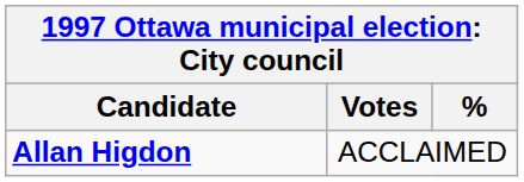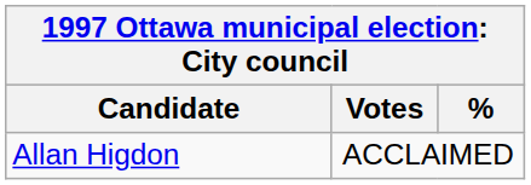 <table class="wikitable">
 <tr>
 <th colspan="3"><a href='#'>1997 Ottawa municipal election</a>: City council</th>
 </tr>
 <tr>
 <th style="width: 170px">Candidate</th>
 <th style="width: 50px">Votes</th>
 <th style="width: 40px">%</th>
 </tr>
 <tr>
-<td><strong><a href='#'>Allan Higdon</a></strong></td>
+<td><a href='#'>Allan Higdon</a></td>
 <td colspan="2" align="center">ACCLAIMED</td>
 </tr>
 </table>
